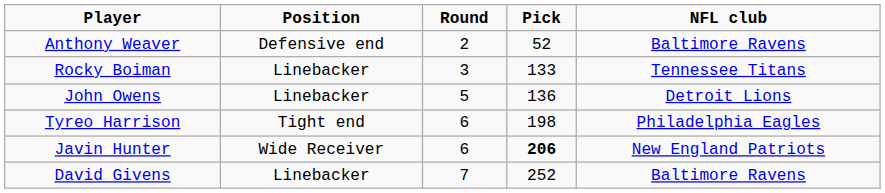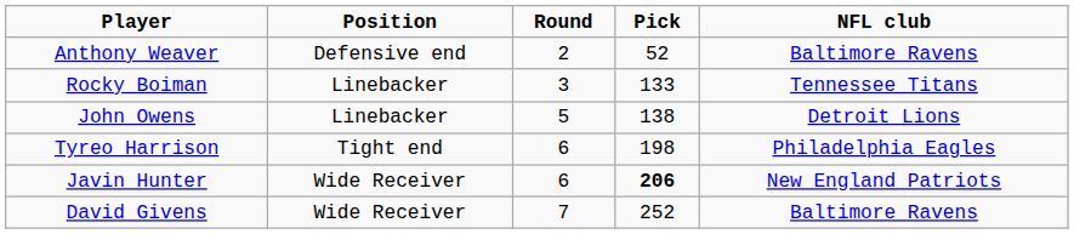 <table class="wikitable" width="80%">
 <tr align="center">
 <td><strong>Player</strong></td>
 <td><strong>Position</strong></td>
 <td><strong>Round</strong></td>
 <td><strong>Pick</strong></td>
 <td><strong>NFL club</strong></td>
 </tr>
 <tr align="center" bgcolor="">
 <td><a href='#'>Anthony Weaver</a></td>
 <td>Defensive end</td>
 <td>2</td>
 <td>52</td>
 <td><a href='#'>Baltimore Ravens</a></td>
 </tr>
 <tr align="center" bgcolor="">
 <td><a href='#'>Rocky Boiman</a></td>
 <td>Linebacker</td>
 <td>3</td>
 <td>133</td>
 <td><a href='#'>Tennessee Titans</a></td>
 </tr>
 <tr align="center" bgcolor="">
 <td><a href='#'>John Owens</a></td>
 <td>Linebacker</td>
 <td>5</td>
-<td>136</td>
+<td>138</td>
 <td><a href='#'>Detroit Lions</a></td>
 </tr>
 <tr align="center" bgcolor="">
 <td><a href='#'>Tyreo Harrison</a></td>
 <td>Tight end</td>
 <td>6</td>
 <td>198</td>
 <td><a href='#'>Philadelphia Eagles</a></td>
 </tr>
 <tr align="center" bgcolor="">
 <td><a href='#'>Javin Hunter</a></td>
 <td>Wide Receiver</td>
 <td>6</td>
 <td><strong>206</strong></td>
 <td><a href='#'>New England Patriots</a></td>
 </tr>
 <tr align="center" bgcolor="">
 <td><a href='#'>David Givens</a></td>
-<td>Linebacker</td>
+<td>Wide Receiver</td>
 <td>7</td>
 <td>252</td>
 <td><a href='#'>Baltimore Ravens</a></td>
 </tr>
 </table>
